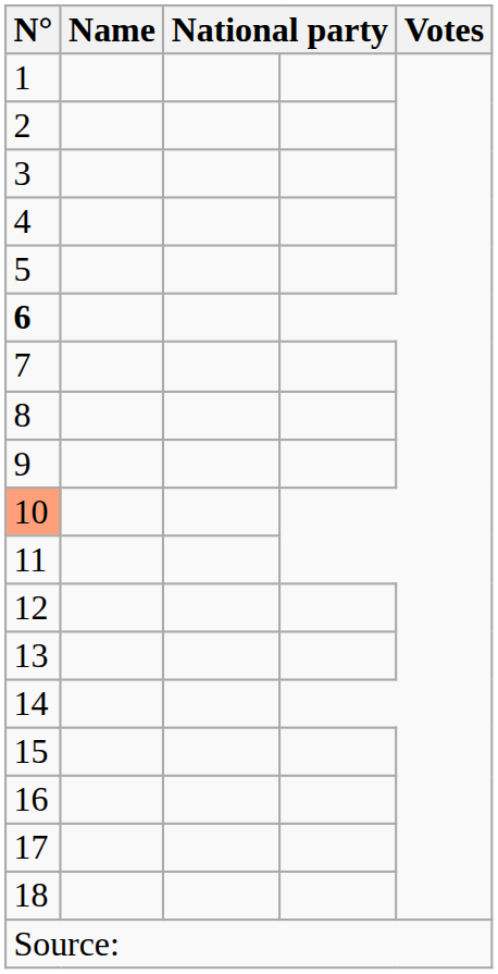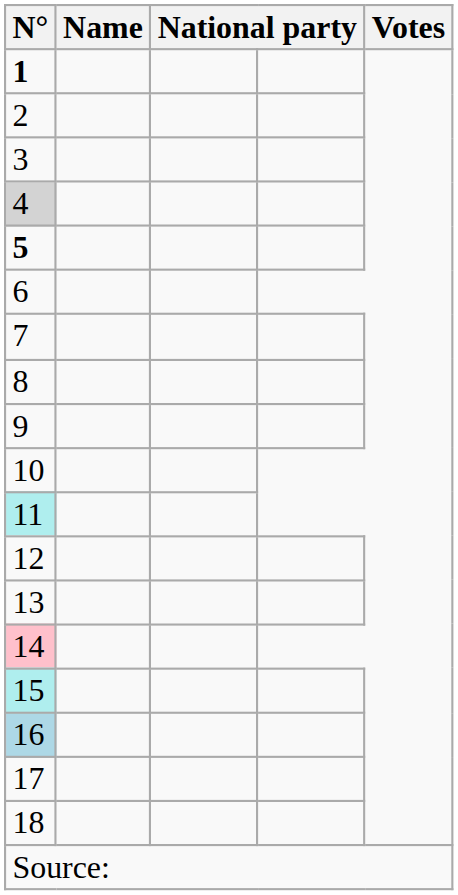 <table class="wikitable sortable" style="font-size:95%;line-height:14px;">
 <tr>
 <th>N°</th>
 <th>Name</th>
 <th colspan="2">National party</th>
 <th>Votes</th>
 </tr>
 <tr>
-<td>1</td>
+<td><strong>1</strong></td>
 <td></td>
 <td></td>
 <td></td>
 </tr>
 <tr>
 <td>2</td>
 <td></td>
 <td></td>
 <td></td>
 </tr>
 <tr>
 <td>3</td>
 <td></td>
 <td></td>
 <td></td>
 </tr>
 <tr>
-<td>4</td>
+<td style="background: lightgrey;">4</td>
 <td></td>
 <td></td>
 <td></td>
 </tr>
 <tr>
-<td>5</td>
+<td><strong>5</strong></td>
 <td></td>
 <td></td>
 <td></td>
 </tr>
 <tr>
-<td><strong>6</strong></td>
+<td>6</td>
 <td></td>
 <td></td>
 </tr>
 <tr>
 <td>7</td>
 <td></td>
 <td></td>
 <td></td>
 </tr>
 <tr>
 <td>8</td>
 <td></td>
 <td></td>
 <td></td>
 </tr>
 <tr>
 <td>9</td>
 <td></td>
 <td></td>
 <td></td>
 </tr>
 <tr>
-<td style="background: lightsalmon;">10</td>
+<td>10</td>
 <td></td>
 <td></td>
 </tr>
 <tr>
-<td>11</td>
+<td style="background: paleturquoise;">11</td>
 <td></td>
 <td></td>
 </tr>
 <tr>
 <td>12</td>
 <td></td>
 <td></td>
 <td></td>
 </tr>
 <tr>
 <td>13</td>
 <td></td>
 <td></td>
 <td></td>
 </tr>
 <tr>
-<td>14</td>
+<td style="background: pink;">14</td>
 <td></td>
 <td></td>
 </tr>
 <tr>
-<td>15</td>
+<td style="background: paleturquoise;">15</td>
 <td></td>
 <td></td>
 <td></td>
 </tr>
 <tr>
-<td>16</td>
+<td style="background: lightblue;">16</td>
 <td></td>
 <td></td>
 <td></td>
 </tr>
 <tr>
 <td>17</td>
 <td></td>
 <td></td>
 <td></td>
 </tr>
 <tr>
 <td>18</td>
 <td></td>
 <td></td>
 <td></td>
 </tr>
 <tr>
 <td colspan="5">Source: </td>
 </tr>
 </table>
